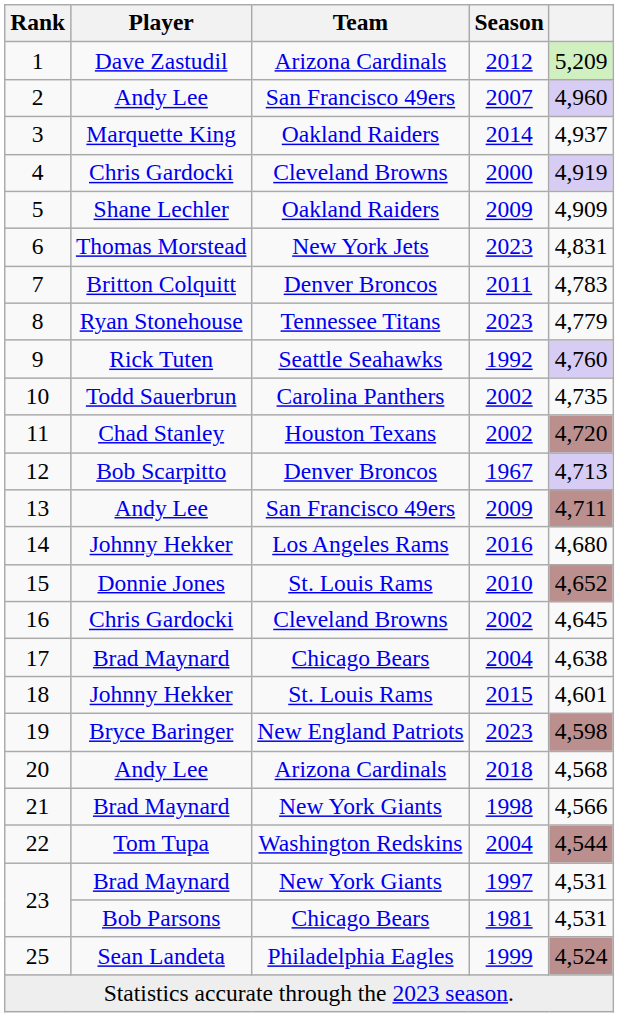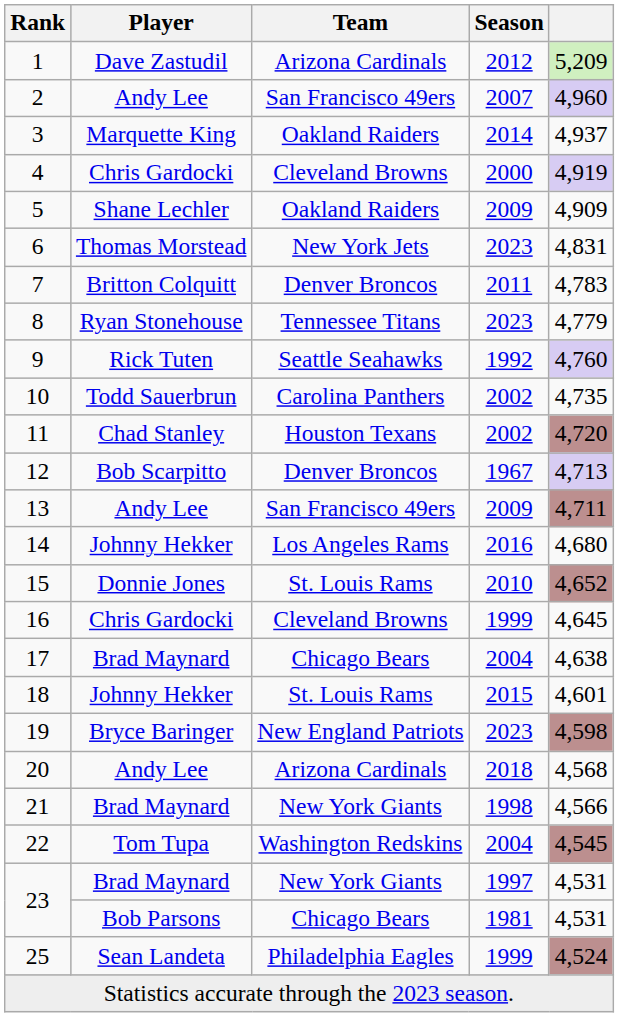 <table class="wikitable sortable" style="text-align:center;">
 <tr>
 <th>Rank</th>
 <th>Player</th>
 <th>Team</th>
 <th>Season</th>
 <th></th>
 </tr>
 <tr>
 <td>1</td>
 <td><a href='#'>Dave Zastudil</a></td>
 <td><a href='#'>Arizona Cardinals</a></td>
 <td><a href='#'>2012</a></td>
 <td style="background:#d0f0c0;">5,209</td>
 </tr>
 <tr>
 <td>2</td>
 <td><a href='#'>Andy Lee</a></td>
 <td><a href='#'>San Francisco 49ers</a></td>
 <td><a href='#'>2007</a></td>
 <td style="background:#d7ccf3;">4,960</td>
 </tr>
 <tr>
 <td>3</td>
 <td><a href='#'>Marquette King</a></td>
 <td><a href='#'>Oakland Raiders</a></td>
 <td><a href='#'>2014</a></td>
 <td>4,937</td>
 </tr>
 <tr>
 <td>4</td>
 <td><a href='#'>Chris Gardocki</a></td>
 <td><a href='#'>Cleveland Browns</a></td>
 <td><a href='#'>2000</a></td>
 <td style="background:#d7ccf3;">4,919</td>
 </tr>
 <tr>
 <td>5</td>
 <td><a href='#'>Shane Lechler</a></td>
 <td><a href='#'>Oakland Raiders</a></td>
 <td><a href='#'>2009</a></td>
 <td>4,909</td>
 </tr>
 <tr>
 <td>6</td>
 <td><a href='#'>Thomas Morstead</a></td>
 <td><a href='#'>New York Jets</a></td>
 <td><a href='#'>2023</a></td>
 <td>4,831</td>
 </tr>
 <tr>
 <td>7</td>
 <td><a href='#'>Britton Colquitt</a></td>
 <td><a href='#'>Denver Broncos</a></td>
 <td><a href='#'>2011</a></td>
 <td>4,783</td>
 </tr>
 <tr>
 <td>8</td>
 <td><a href='#'>Ryan Stonehouse</a></td>
 <td><a href='#'>Tennessee Titans</a></td>
 <td><a href='#'>2023</a></td>
 <td>4,779</td>
 </tr>
 <tr>
 <td>9</td>
 <td><a href='#'>Rick Tuten</a></td>
 <td><a href='#'>Seattle Seahawks</a></td>
 <td><a href='#'>1992</a></td>
 <td style="background:#d7ccf3;">4,760</td>
 </tr>
 <tr>
 <td>10</td>
 <td><a href='#'>Todd Sauerbrun</a></td>
 <td><a href='#'>Carolina Panthers</a></td>
 <td><a href='#'>2002</a></td>
 <td>4,735</td>
 </tr>
 <tr>
 <td>11</td>
 <td><a href='#'>Chad Stanley</a></td>
 <td><a href='#'>Houston Texans</a></td>
 <td><a href='#'>2002</a></td>
 <td style="background:#BC8F8F;">4,720</td>
 </tr>
 <tr>
 <td>12</td>
 <td><a href='#'>Bob Scarpitto</a></td>
 <td><a href='#'>Denver Broncos</a></td>
 <td><a href='#'>1967</a></td>
 <td style="background:#d7ccf3;">4,713</td>
 </tr>
 <tr>
 <td>13</td>
 <td><a href='#'>Andy Lee</a></td>
 <td><a href='#'>San Francisco 49ers</a></td>
 <td><a href='#'>2009</a></td>
 <td style="background:#BC8F8F;">4,711</td>
 </tr>
 <tr>
 <td>14</td>
 <td><a href='#'>Johnny Hekker</a></td>
 <td><a href='#'>Los Angeles Rams</a></td>
 <td><a href='#'>2016</a></td>
 <td>4,680</td>
 </tr>
 <tr>
 <td>15</td>
 <td><a href='#'>Donnie Jones</a></td>
 <td><a href='#'>St. Louis Rams</a></td>
 <td><a href='#'>2010</a></td>
 <td style="background:#BC8F8F;">4,652</td>
 </tr>
 <tr>
 <td>16</td>
 <td><a href='#'>Chris Gardocki</a></td>
 <td><a href='#'>Cleveland Browns</a></td>
-<td><a href='#'>2002</a></td>
+<td><a href='#'>1999</a></td>
 <td>4,645</td>
 </tr>
 <tr>
 <td>17</td>
 <td><a href='#'>Brad Maynard</a></td>
 <td><a href='#'>Chicago Bears</a></td>
 <td><a href='#'>2004</a></td>
 <td>4,638</td>
 </tr>
 <tr>
 <td>18</td>
 <td><a href='#'>Johnny Hekker</a></td>
 <td><a href='#'>St. Louis Rams</a></td>
 <td><a href='#'>2015</a></td>
 <td>4,601</td>
 </tr>
 <tr>
 <td>19</td>
 <td><a href='#'>Bryce Baringer</a></td>
 <td><a href='#'>New England Patriots</a></td>
 <td><a href='#'>2023</a></td>
 <td style="background:#BC8F8F;">4,598</td>
 </tr>
 <tr>
 <td>20</td>
 <td><a href='#'>Andy Lee</a></td>
 <td><a href='#'>Arizona Cardinals</a></td>
 <td><a href='#'>2018</a></td>
 <td>4,568</td>
 </tr>
 <tr>
 <td>21</td>
 <td><a href='#'>Brad Maynard</a></td>
 <td><a href='#'>New York Giants</a></td>
 <td><a href='#'>1998</a></td>
 <td>4,566</td>
 </tr>
 <tr>
 <td>22</td>
 <td><a href='#'>Tom Tupa</a></td>
 <td><a href='#'>Washington Redskins</a></td>
 <td><a href='#'>2004</a></td>
-<td style="background:#BC8F8F;">4,544</td>
+<td style="background:#BC8F8F;">4,545</td>
 </tr>
 <tr>
 <td rowspan="2">23</td>
 <td><a href='#'>Brad Maynard</a></td>
 <td><a href='#'>New York Giants</a></td>
 <td><a href='#'>1997</a></td>
 <td>4,531</td>
 </tr>
 <tr>
 <td><a href='#'>Bob Parsons</a></td>
 <td><a href='#'>Chicago Bears</a></td>
 <td><a href='#'>1981</a></td>
 <td>4,531</td>
 </tr>
 <tr>
 <td>25</td>
 <td><a href='#'>Sean Landeta</a></td>
 <td><a href='#'>Philadelphia Eagles</a></td>
 <td><a href='#'>1999</a></td>
 <td style="background:#BC8F8F;">4,524</td>
 </tr>
 <tr class="sortbottom" style="background:#eee;">
 <td style="text-align:center;" colspan="5">Statistics accurate through the <a href='#'>2023 season</a>.</td>
 </tr>
 </table>
